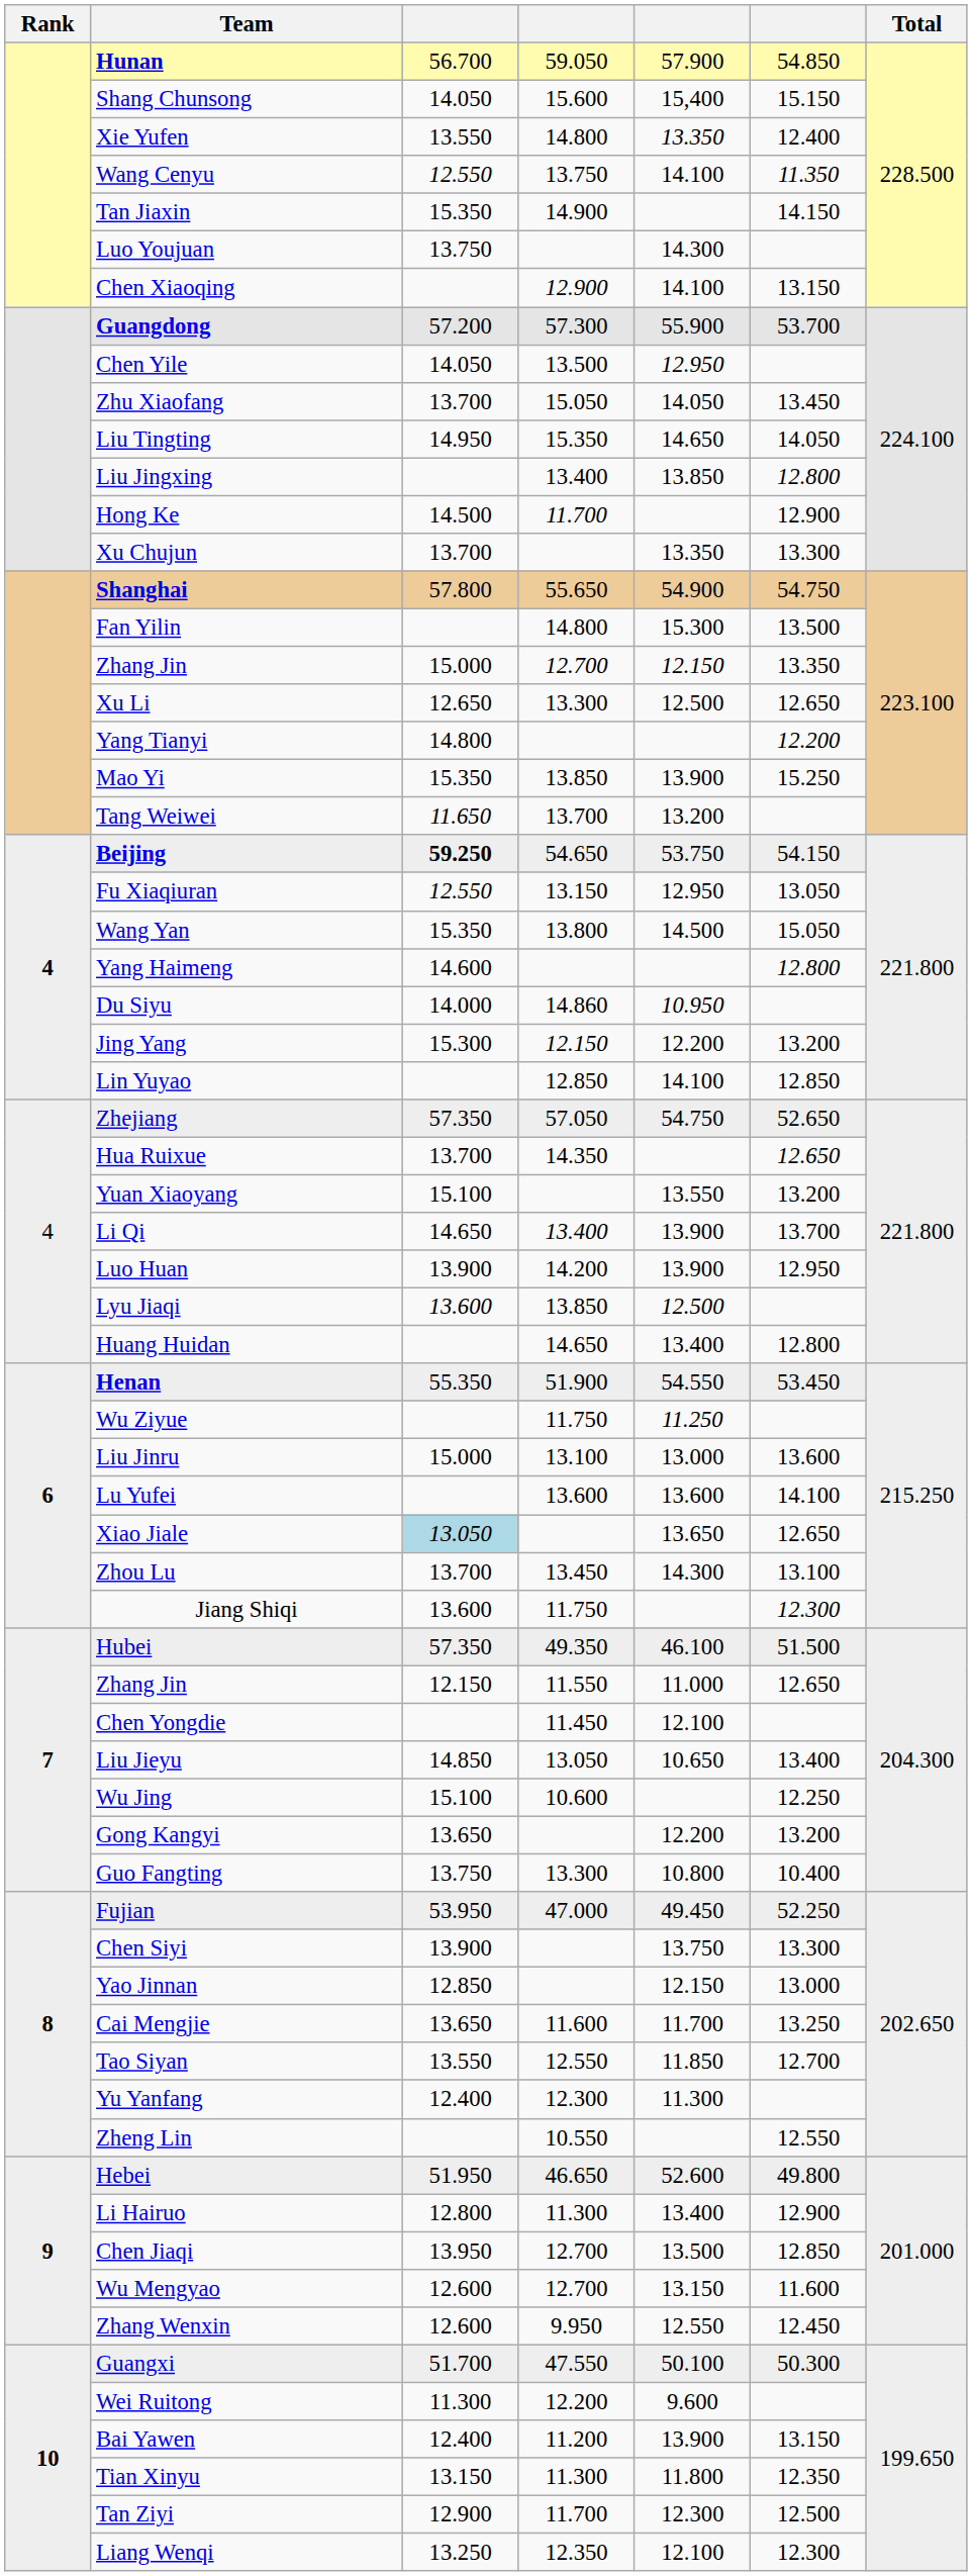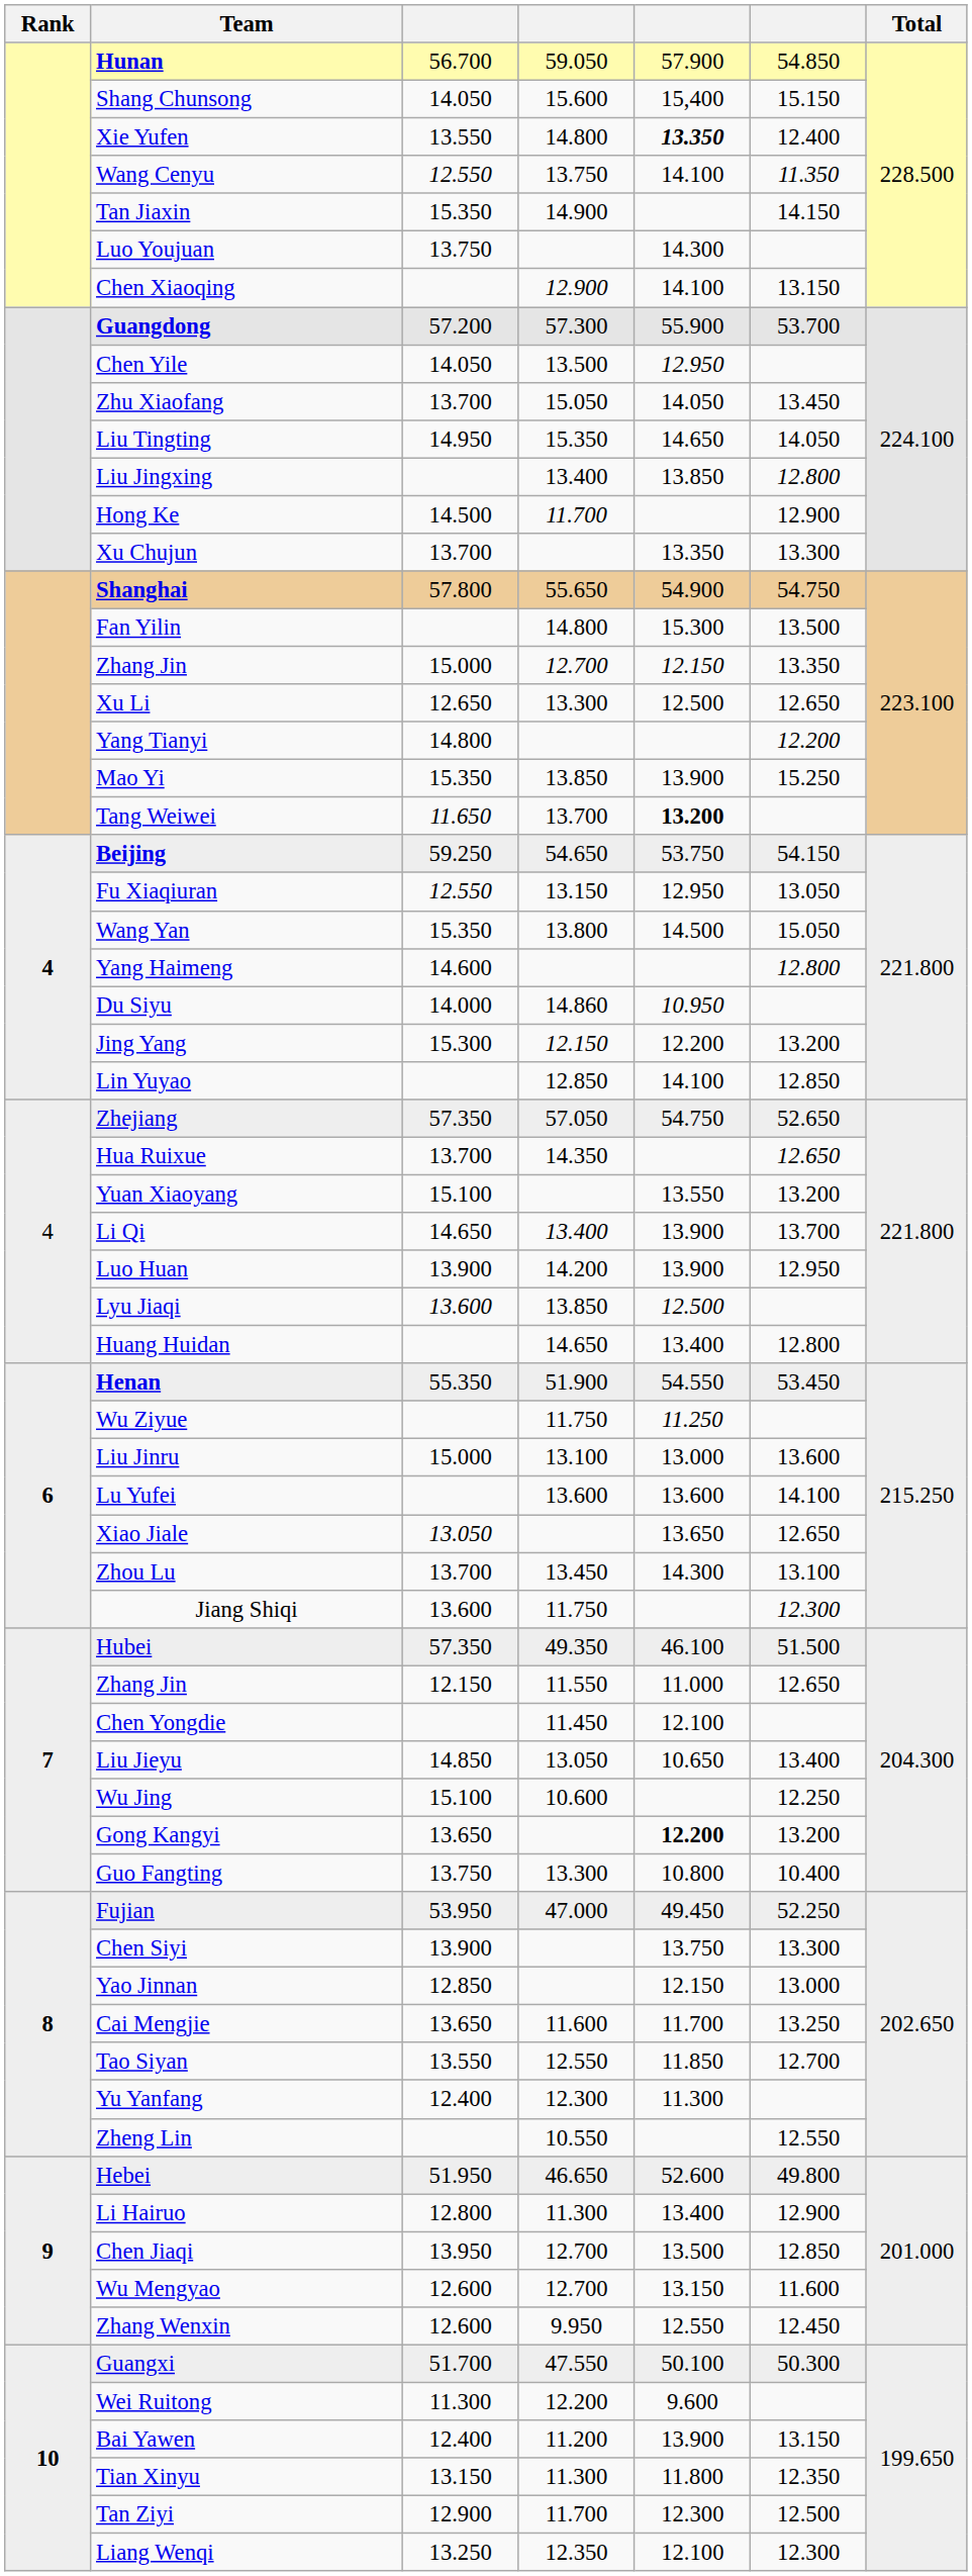 <table class="wikitable" style="text-align:center; font-size:95%">
 <tr>
 <th scope="col" style="width:50px;">Rank</th>
 <th scope="col" style="width:200px;">Team</th>
 <th scope="col" style="width:70px;"></th>
 <th scope="col" style="width:70px;"></th>
 <th scope="col" style="width:70px;"></th>
 <th scope="col" style="width:70px;"></th>
 <th scope="col" style="width:60px;">Total</th>
 </tr>
 <tr style="background:#fffcaf;">
 <td rowspan="7"></td>
 <td style="text-align:left;"><strong><a href='#'>Hunan</a></strong></td>
 <td>56.700</td>
 <td>59.050</td>
 <td>57.900</td>
 <td>54.850</td>
 <td rowspan="7">228.500</td>
 </tr>
 <tr>
 <td style="text-align:left;"><a href='#'>Shang Chunsong</a></td>
 <td>14.050</td>
 <td>15.600</td>
 <td>15,400</td>
 <td>15.150</td>
 </tr>
 <tr>
 <td style="text-align:left;"><a href='#'>Xie Yufen</a></td>
 <td>13.550</td>
 <td>14.800</td>
-<td><em>13.350</em></td>
+<td><strong><em>13.350</em></strong></td>
 <td>12.400</td>
 </tr>
 <tr>
 <td style="text-align:left;"><a href='#'>Wang Cenyu</a></td>
 <td><em>12.550</em></td>
 <td>13.750</td>
 <td>14.100</td>
 <td><em>11.350</em></td>
 </tr>
 <tr>
 <td style="text-align:left;"><a href='#'>Tan Jiaxin</a></td>
 <td>15.350</td>
 <td>14.900</td>
 <td></td>
 <td>14.150</td>
 </tr>
 <tr>
 <td style="text-align:left;"><a href='#'>Luo Youjuan</a></td>
 <td>13.750</td>
 <td></td>
 <td>14.300</td>
 <td></td>
 </tr>
 <tr>
 <td style="text-align:left;"><a href='#'>Chen Xiaoqing</a></td>
 <td></td>
 <td><em>12.900</em></td>
 <td>14.100</td>
 <td>13.150</td>
 </tr>
 <tr style="background:#e5e5e5;">
 <td rowspan="7"></td>
 <td style="text-align:left;"><strong><a href='#'>Guangdong</a></strong></td>
 <td>57.200</td>
 <td>57.300</td>
 <td>55.900</td>
 <td>53.700</td>
 <td rowspan="7">224.100</td>
 </tr>
 <tr>
 <td style="text-align:left;"><a href='#'>Chen Yile</a></td>
 <td>14.050</td>
 <td>13.500</td>
 <td><em>12.950</em></td>
 <td></td>
 </tr>
 <tr>
 <td style="text-align:left;"><a href='#'>Zhu Xiaofang</a></td>
 <td>13.700</td>
 <td>15.050</td>
 <td>14.050</td>
 <td>13.450</td>
 </tr>
 <tr>
 <td style="text-align:left;"><a href='#'>Liu Tingting</a></td>
 <td>14.950</td>
 <td>15.350</td>
 <td>14.650</td>
 <td>14.050</td>
 </tr>
 <tr>
 <td style="text-align:left;"><a href='#'>Liu Jingxing</a></td>
 <td></td>
 <td>13.400</td>
 <td>13.850</td>
 <td><em>12.800</em></td>
 </tr>
 <tr>
 <td style="text-align:left;"><a href='#'>Hong Ke</a></td>
 <td>14.500</td>
 <td><em>11.700</em></td>
 <td></td>
 <td>12.900</td>
 </tr>
 <tr>
 <td style="text-align:left;"><a href='#'>Xu Chujun</a></td>
 <td>13.700</td>
 <td></td>
 <td>13.350</td>
 <td>13.300</td>
 </tr>
 <tr style="background:#ec9;">
 <td rowspan="7"></td>
 <td style="text-align:left;"><strong><a href='#'>Shanghai</a></strong></td>
 <td>57.800</td>
 <td>55.650</td>
 <td>54.900</td>
 <td>54.750</td>
 <td rowspan="7">223.100</td>
 </tr>
 <tr>
 <td style="text-align:left;"><a href='#'>Fan Yilin</a></td>
 <td></td>
 <td>14.800</td>
 <td>15.300</td>
 <td>13.500</td>
 </tr>
 <tr>
 <td style="text-align:left;"><a href='#'>Zhang Jin</a></td>
 <td>15.000</td>
 <td><em>12.700</em></td>
 <td><em>12.150</em></td>
 <td>13.350</td>
 </tr>
 <tr>
 <td style="text-align:left;"><a href='#'>Xu Li</a></td>
 <td>12.650</td>
 <td>13.300</td>
 <td>12.500</td>
 <td>12.650</td>
 </tr>
 <tr>
 <td style="text-align:left;"><a href='#'>Yang Tianyi</a></td>
 <td>14.800</td>
 <td></td>
 <td></td>
 <td><em>12.200</em></td>
 </tr>
 <tr>
 <td style="text-align:left;"><a href='#'>Mao Yi</a></td>
 <td>15.350</td>
 <td>13.850</td>
 <td>13.900</td>
 <td>15.250</td>
 </tr>
 <tr>
 <td style="text-align:left;"><a href='#'>Tang Weiwei</a></td>
 <td><em>11.650</em></td>
 <td>13.700</td>
-<td>13.200</td>
+<td><strong>13.200</strong></td>
 <td></td>
 </tr>
 <tr style="background:#eee;">
 <td rowspan="7"><strong>4</strong></td>
 <td style="text-align:left;"><strong><a href='#'>Beijing</a></strong></td>
-<td><strong>59.250</strong></td>
+<td>59.250</td>
 <td>54.650</td>
 <td>53.750</td>
 <td>54.150</td>
 <td rowspan="7">221.800</td>
 </tr>
 <tr>
 <td style="text-align:left;"><a href='#'>Fu Xiaqiuran</a></td>
 <td><em>12.550</em></td>
 <td>13.150</td>
 <td>12.950</td>
 <td>13.050</td>
 </tr>
 <tr>
 <td style="text-align:left;"><a href='#'>Wang Yan</a></td>
 <td>15.350</td>
 <td>13.800</td>
 <td>14.500</td>
 <td>15.050</td>
 </tr>
 <tr>
 <td style="text-align:left;"><a href='#'>Yang Haimeng</a></td>
 <td>14.600</td>
 <td></td>
 <td></td>
 <td><em>12.800</em></td>
 </tr>
 <tr>
 <td style="text-align:left;"><a href='#'>Du Siyu</a></td>
 <td>14.000</td>
 <td>14.860</td>
 <td><em>10.950</em></td>
 <td></td>
 </tr>
 <tr>
 <td style="text-align:left;"><a href='#'>Jing Yang</a></td>
 <td>15.300</td>
 <td><em>12.150</em></td>
 <td>12.200</td>
 <td>13.200</td>
 </tr>
 <tr>
 <td style="text-align:left;"><a href='#'>Lin Yuyao</a></td>
 <td></td>
 <td>12.850</td>
 <td>14.100</td>
 <td>12.850</td>
 </tr>
 <tr style="background:#eee;">
 <td rowspan="7">4</td>
 <td style="text-align:left;"><a href='#'>Zhejiang</a></td>
 <td>57.350</td>
 <td>57.050</td>
 <td>54.750</td>
 <td>52.650</td>
 <td rowspan="7">221.800</td>
 </tr>
 <tr>
 <td style="text-align:left;"><a href='#'>Hua Ruixue</a></td>
 <td>13.700</td>
 <td>14.350</td>
 <td></td>
 <td><em>12.650</em></td>
 </tr>
 <tr>
 <td style="text-align:left;"><a href='#'>Yuan Xiaoyang</a></td>
 <td>15.100</td>
 <td></td>
 <td>13.550</td>
 <td>13.200</td>
 </tr>
 <tr>
 <td style="text-align:left;"><a href='#'>Li Qi</a></td>
 <td>14.650</td>
 <td><em>13.400</em></td>
 <td>13.900</td>
 <td>13.700</td>
 </tr>
 <tr>
 <td style="text-align:left;"><a href='#'>Luo Huan</a></td>
 <td>13.900</td>
 <td>14.200</td>
 <td>13.900</td>
 <td>12.950</td>
 </tr>
 <tr>
 <td style="text-align:left;"><a href='#'>Lyu Jiaqi</a></td>
 <td><em>13.600</em></td>
 <td>13.850</td>
 <td><em>12.500</em></td>
 <td></td>
 </tr>
 <tr>
 <td style="text-align:left;"><a href='#'>Huang Huidan</a></td>
 <td></td>
 <td>14.650</td>
 <td>13.400</td>
 <td>12.800</td>
 </tr>
 <tr style="background:#eee;">
 <td rowspan="7"><strong>6</strong></td>
 <td style="text-align:left;"><strong><a href='#'>Henan</a></strong></td>
 <td>55.350</td>
 <td>51.900</td>
 <td>54.550</td>
 <td>53.450</td>
 <td rowspan="7">215.250</td>
 </tr>
 <tr>
 <td style="text-align:left;"><a href='#'>Wu Ziyue</a></td>
 <td></td>
 <td>11.750</td>
 <td><em>11.250</em></td>
 <td></td>
 </tr>
 <tr>
 <td style="text-align:left;"><a href='#'>Liu Jinru</a></td>
 <td>15.000</td>
 <td>13.100</td>
 <td>13.000</td>
 <td>13.600</td>
 </tr>
 <tr>
 <td style="text-align:left;"><a href='#'>Lu Yufei</a></td>
 <td></td>
 <td>13.600</td>
 <td>13.600</td>
 <td>14.100</td>
 </tr>
 <tr>
 <td style="text-align:left;"><a href='#'>Xiao Jiale</a></td>
-<td style="background: lightblue;"><em>13.050</em></td>
+<td><em>13.050</em></td>
 <td></td>
 <td>13.650</td>
 <td>12.650</td>
 </tr>
 <tr>
 <td style="text-align:left;"><a href='#'>Zhou Lu</a></td>
 <td>13.700</td>
 <td>13.450</td>
 <td>14.300</td>
 <td>13.100</td>
 </tr>
 <tr>
 <td>Jiang Shiqi</td>
 <td>13.600</td>
 <td>11.750</td>
 <td></td>
 <td><em>12.300</em></td>
 </tr>
 <tr style="background:#eee;">
 <td rowspan="7"><strong>7</strong></td>
 <td style="text-align:left;"><a href='#'>Hubei</a></td>
 <td>57.350</td>
 <td>49.350</td>
 <td>46.100</td>
 <td>51.500</td>
 <td rowspan="7">204.300</td>
 </tr>
 <tr>
 <td style="text-align:left;"><a href='#'>Zhang Jin</a></td>
 <td>12.150</td>
 <td>11.550</td>
 <td>11.000</td>
 <td>12.650</td>
 </tr>
 <tr>
 <td style="text-align:left;"><a href='#'>Chen Yongdie</a></td>
 <td></td>
 <td>11.450</td>
 <td>12.100</td>
 <td></td>
 </tr>
 <tr>
 <td style="text-align:left;"><a href='#'>Liu Jieyu</a></td>
 <td>14.850</td>
 <td>13.050</td>
 <td>10.650</td>
 <td>13.400</td>
 </tr>
 <tr>
 <td style="text-align:left;"><a href='#'>Wu Jing</a></td>
 <td>15.100</td>
 <td>10.600</td>
 <td></td>
 <td>12.250</td>
 </tr>
 <tr>
 <td style="text-align:left;"><a href='#'>Gong Kangyi</a></td>
 <td>13.650</td>
 <td></td>
-<td>12.200</td>
+<td><strong>12.200</strong></td>
 <td>13.200</td>
 </tr>
 <tr>
 <td style="text-align:left;"><a href='#'>Guo Fangting</a></td>
 <td>13.750</td>
 <td>13.300</td>
 <td>10.800</td>
 <td>10.400</td>
 </tr>
 <tr style="background:#eee;">
 <td rowspan="7"><strong>8</strong></td>
 <td style="text-align:left;"><a href='#'>Fujian</a></td>
 <td>53.950</td>
 <td>47.000</td>
 <td>49.450</td>
 <td>52.250</td>
 <td rowspan="7">202.650</td>
 </tr>
 <tr>
 <td style="text-align:left;"><a href='#'>Chen Siyi</a></td>
 <td>13.900</td>
 <td></td>
 <td>13.750</td>
 <td>13.300</td>
 </tr>
 <tr>
 <td style="text-align:left;"><a href='#'>Yao Jinnan</a></td>
 <td>12.850</td>
 <td></td>
 <td>12.150</td>
 <td>13.000</td>
 </tr>
 <tr>
 <td style="text-align:left;"><a href='#'>Cai Mengjie</a></td>
 <td>13.650</td>
 <td>11.600</td>
 <td>11.700</td>
 <td>13.250</td>
 </tr>
 <tr>
 <td style="text-align:left;"><a href='#'>Tao Siyan</a></td>
 <td>13.550</td>
 <td>12.550</td>
 <td>11.850</td>
 <td>12.700</td>
 </tr>
 <tr>
 <td style="text-align:left;"><a href='#'>Yu Yanfang</a></td>
 <td>12.400</td>
 <td>12.300</td>
 <td>11.300</td>
 <td></td>
 </tr>
 <tr>
 <td style="text-align:left;"><a href='#'>Zheng Lin</a></td>
 <td></td>
 <td>10.550</td>
 <td></td>
 <td>12.550</td>
 </tr>
 <tr style="background:#eee;">
 <td rowspan="5"><strong>9</strong></td>
 <td style="text-align:left;"><a href='#'>Hebei</a></td>
 <td>51.950</td>
 <td>46.650</td>
 <td>52.600</td>
 <td>49.800</td>
 <td rowspan="5">201.000</td>
 </tr>
 <tr>
 <td style="text-align:left;"><a href='#'>Li Hairuo</a></td>
 <td>12.800</td>
 <td>11.300</td>
 <td>13.400</td>
 <td>12.900</td>
 </tr>
 <tr>
 <td style="text-align:left;"><a href='#'>Chen Jiaqi</a></td>
 <td>13.950</td>
 <td>12.700</td>
 <td>13.500</td>
 <td>12.850</td>
 </tr>
 <tr>
 <td style="text-align:left;"><a href='#'>Wu Mengyao</a></td>
 <td>12.600</td>
 <td>12.700</td>
 <td>13.150</td>
 <td>11.600</td>
 </tr>
 <tr>
 <td style="text-align:left;"><a href='#'>Zhang Wenxin</a></td>
 <td>12.600</td>
 <td>9.950</td>
 <td>12.550</td>
 <td>12.450</td>
 </tr>
 <tr style="background:#eee;">
 <td rowspan="6"><strong>10</strong></td>
 <td style="text-align:left;"><a href='#'>Guangxi</a></td>
 <td>51.700</td>
 <td>47.550</td>
 <td>50.100</td>
 <td>50.300</td>
 <td rowspan="6">199.650</td>
 </tr>
 <tr>
 <td style="text-align:left;"><a href='#'>Wei Ruitong</a></td>
 <td>11.300</td>
 <td>12.200</td>
 <td>9.600</td>
 <td></td>
 </tr>
 <tr>
 <td style="text-align:left;"><a href='#'>Bai Yawen</a></td>
 <td>12.400</td>
 <td>11.200</td>
 <td>13.900</td>
 <td>13.150</td>
 </tr>
 <tr>
 <td style="text-align:left;"><a href='#'>Tian Xinyu</a></td>
 <td>13.150</td>
 <td>11.300</td>
 <td>11.800</td>
 <td>12.350</td>
 </tr>
 <tr>
 <td style="text-align:left;"><a href='#'>Tan Ziyi</a></td>
 <td>12.900</td>
 <td>11.700</td>
 <td>12.300</td>
 <td>12.500</td>
 </tr>
 <tr>
 <td style="text-align:left;"><a href='#'>Liang Wenqi</a></td>
 <td>13.250</td>
 <td>12.350</td>
 <td>12.100</td>
 <td>12.300</td>
 </tr>
 </table>
